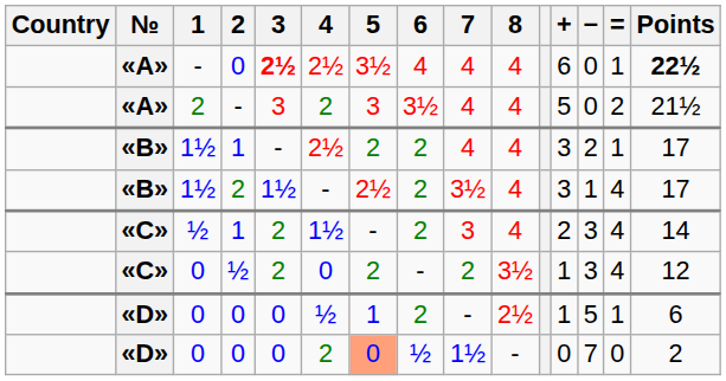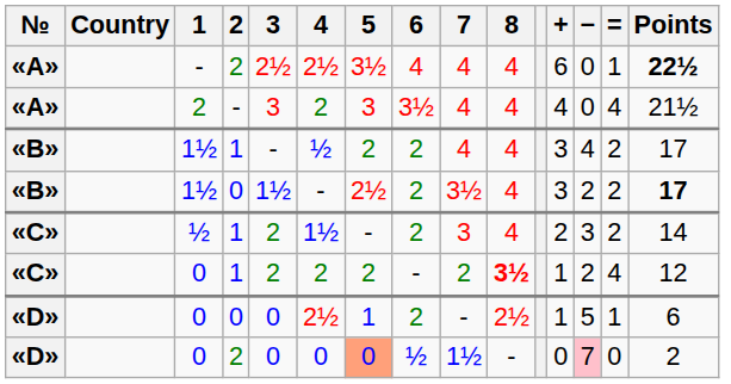 <table class="wikitable" style="text-align:center">
 <tr>
+<th>№</th>
 <th>Country</th>
-<th>№</th>
 <th>1</th>
 <th>2</th>
 <th>3</th>
 <th>4</th>
 <th>5</th>
 <th>6</th>
 <th>7</th>
 <th>8</th>
 <th></th>
 <th>+</th>
 <th>−</th>
 <th>=</th>
 <th>Points</th>
 </tr>
 <tr>
+<th>«A»</th>
 <td style="text-align: left"></td>
-<th>«A»</th>
 <td>-</td>
-<td style="color:blue;">0</td>
-<td style="color:red;"><strong>2½</strong></td>
+<td style="color:green;">2</td>
+<td style="color:red;">2½</td>
 <td style="color:red;">2½</td>
 <td style="color:red;">3½</td>
 <td style="color:red;">4</td>
 <td style="color:red;">4</td>
 <td style="color:red;">4</td>
 <th></th>
 <td>6</td>
 <td>0</td>
 <td>1</td>
 <td><strong>22½ </strong></td>
 </tr>
 <tr>
+<th>«A»</th>
 <td style="text-align: left"></td>
-<th>«A»</th>
 <td style="color:green;">2</td>
 <td>-</td>
 <td style="color:red;">3</td>
 <td style="color:green;">2</td>
 <td style="color:red;">3</td>
 <td style="color:red;">3½</td>
 <td style="color:red;">4</td>
 <td style="color:red;">4</td>
 <th></th>
-<td>5</td>
+<td>4</td>
 <td>0</td>
-<td>2</td>
+<td>4</td>
 <td>21½</td>
 </tr>
 <tr style="border-top:2px solid grey;">
+<th>«B»</th>
 <td style="text-align: left"></td>
-<th>«B»</th>
 <td style="color:blue;">1½</td>
 <td style="color:blue;">1</td>
 <td>-</td>
-<td style="color:red;">2½</td>
+<td style="color:blue;">½</td>
 <td style="color:green;">2</td>
 <td style="color:green;">2</td>
 <td style="color:red;">4</td>
 <td style="color:red;">4</td>
 <th></th>
 <td>3</td>
+<td>4</td>
 <td>2</td>
-<td>1</td>
 <td>17</td>
 </tr>
 <tr>
+<th>«B»</th>
 <td style="text-align: left"></td>
-<th>«B»</th>
 <td style="color:blue;">1½</td>
-<td style="color:green;">2</td>
+<td style="color:blue;">0</td>
 <td style="color:blue;">1½</td>
 <td>-</td>
 <td style="color:red;">2½</td>
 <td style="color:green;">2</td>
 <td style="color:red;">3½</td>
 <td style="color:red;">4</td>
 <th></th>
 <td>3</td>
-<td>1</td>
-<td>4</td>
-<td>17</td>
+<td>2</td>
+<td>2</td>
+<td><strong>17</strong></td>
 </tr>
 <tr style="border-top:2px solid grey;">
+<th>«C»</th>
 <td style="text-align: left"></td>
-<th>«C»</th>
 <td style="color:blue;">½</td>
 <td style="color:blue;">1</td>
 <td style="color:green;">2</td>
 <td style="color:blue;">1½</td>
 <td>-</td>
 <td style="color:green;">2</td>
 <td style="color:red;">3</td>
 <td style="color:red;">4</td>
 <th></th>
 <td>2</td>
 <td>3</td>
-<td>4</td>
+<td>2</td>
 <td>14</td>
 </tr>
 <tr>
+<th>«C»</th>
 <td style="text-align: left"></td>
-<th>«C»</th>
 <td style="color:blue;">0</td>
-<td style="color:blue;">½</td>
+<td style="color:blue;">1</td>
 <td style="color:green;">2</td>
-<td style="color:blue;">0</td>
+<td style="color:green;">2</td>
 <td style="color:green;">2</td>
 <td>-</td>
 <td style="color:green;">2</td>
-<td style="color:red;">3½</td>
+<td style="color:red;"><strong>3½</strong></td>
 <th></th>
 <td>1</td>
-<td>3</td>
+<td>2</td>
 <td>4</td>
 <td>12</td>
 </tr>
 <tr style="border-top:2px solid grey;">
+<th>«D»</th>
 <td style="text-align: left"></td>
-<th>«D»</th>
 <td style="color:blue;">0</td>
 <td style="color:blue;">0</td>
 <td style="color:blue;">0</td>
-<td style="color:blue;">½</td>
+<td style="color:red;">2½</td>
 <td style="color:blue;">1</td>
 <td style="color:green;">2</td>
 <td>-</td>
 <td style="color:red;">2½</td>
 <th></th>
 <td>1</td>
 <td>5</td>
 <td>1</td>
 <td>6</td>
 </tr>
 <tr>
+<th>«D»</th>
 <td style="text-align: left"></td>
-<th>«D»</th>
+<td style="color:blue;">0</td>
+<td style="color:green;">2</td>
 <td style="color:blue;">0</td>
 <td style="color:blue;">0</td>
-<td style="color:blue;">0</td>
-<td style="color:green;">2</td>
 <td style="background: lightsalmon; color:blue;">0</td>
 <td style="color:blue;">½</td>
 <td style="color:blue;">1½</td>
 <td>-</td>
 <th></th>
 <td>0</td>
-<td>7</td>
+<td style="background: pink;">7</td>
 <td>0</td>
 <td>2</td>
 </tr>
 </table>
